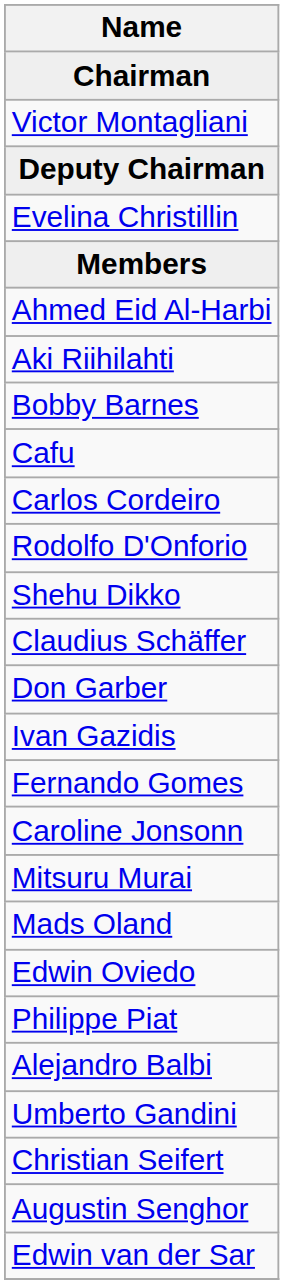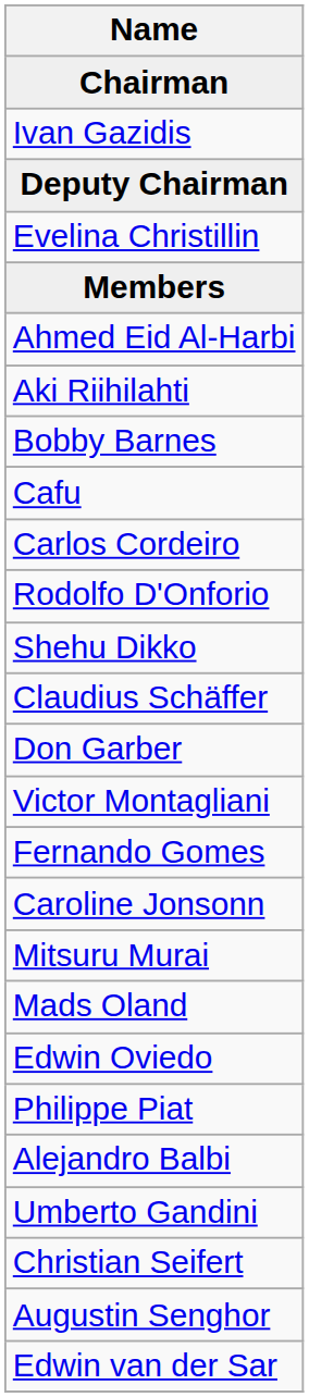 <table class="wikitable">
 <tr>
 <th><strong>Name</strong></th>
 </tr>
 <tr>
 <td colspan="1" align=center bgcolor="#EFEFEF"><strong>Chairman</strong></td>
 </tr>
 <tr>
-<td> <a href='#'>Victor Montagliani</a></td>
+<td> <a href='#'>Ivan Gazidis</a></td>
 </tr>
 <tr>
 <td colspan="1" align=center bgcolor="#EFEFEF"><strong>Deputy Chairman</strong></td>
 </tr>
 <tr>
 <td> <a href='#'>Evelina Christillin</a></td>
 </tr>
 <tr>
 <td colspan="1" align=center bgcolor="#EFEFEF"><strong>Members</strong></td>
 </tr>
 <tr>
 <td> <a href='#'>Ahmed Eid Al-Harbi</a></td>
 </tr>
 <tr>
 <td> <a href='#'>Aki Riihilahti</a></td>
 </tr>
 <tr>
 <td> <a href='#'>Bobby Barnes</a></td>
 </tr>
 <tr>
 <td> <a href='#'>Cafu</a></td>
 </tr>
 <tr>
 <td> <a href='#'>Carlos Cordeiro</a></td>
 </tr>
 <tr>
 <td> <a href='#'>Rodolfo D'Onforio</a></td>
 </tr>
 <tr>
 <td> <a href='#'>Shehu Dikko</a></td>
 </tr>
 <tr>
 <td> <a href='#'>Claudius Schäffer</a></td>
 </tr>
 <tr>
 <td> <a href='#'>Don Garber</a></td>
 </tr>
 <tr>
-<td> <a href='#'>Ivan Gazidis</a></td>
+<td> <a href='#'>Victor Montagliani</a></td>
 </tr>
 <tr>
 <td> <a href='#'>Fernando Gomes</a></td>
 </tr>
 <tr>
 <td> <a href='#'>Caroline Jonsonn</a></td>
 </tr>
 <tr>
 <td> <a href='#'>Mitsuru Murai</a></td>
 </tr>
 <tr>
 <td> <a href='#'>Mads Oland</a></td>
 </tr>
 <tr>
 <td> <a href='#'>Edwin Oviedo</a></td>
 </tr>
 <tr>
 <td> <a href='#'>Philippe Piat</a></td>
 </tr>
 <tr>
 <td> <a href='#'>Alejandro Balbi</a></td>
 </tr>
 <tr>
 <td> <a href='#'>Umberto Gandini</a></td>
 </tr>
 <tr>
 <td> <a href='#'>Christian Seifert</a></td>
 </tr>
 <tr>
 <td> <a href='#'>Augustin Senghor</a></td>
 </tr>
 <tr>
 <td> <a href='#'>Edwin van der Sar</a></td>
 </tr>
 <tr>
 </tr>
 </table>
